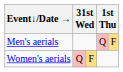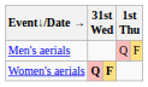 <table class="wikitable" style="margin:0.5em auto; font-size:90%; line-height:1.25em; text-align:center;">
 <tr>
 <th>Event↓/Date →</th>
 <th colspan=2>31st<br>Wed</th>
 <th colspan=2>1st<br>Thu</th>
 </tr>
 <tr>
 <td align="left"><a href='#'>Men's aerials</a></td>
 <td colspan=2></td>
 <td bgcolor="#FFBBBB">Q</td>
 <td bgcolor="#FFDF80">F</td>
 </tr>
 <tr>
 <td align="left"><a href='#'>Women's aerials</a></td>
-<td bgcolor="#FFBBBB">Q</td>
-<td bgcolor="#FFDF80">F</td>
+<td bgcolor="#FFBBBB"><strong>Q</strong></td>
+<td bgcolor="#FFDF80"><strong>F</strong></td>
 <td colspan=2></td>
 </tr>
 </table>
